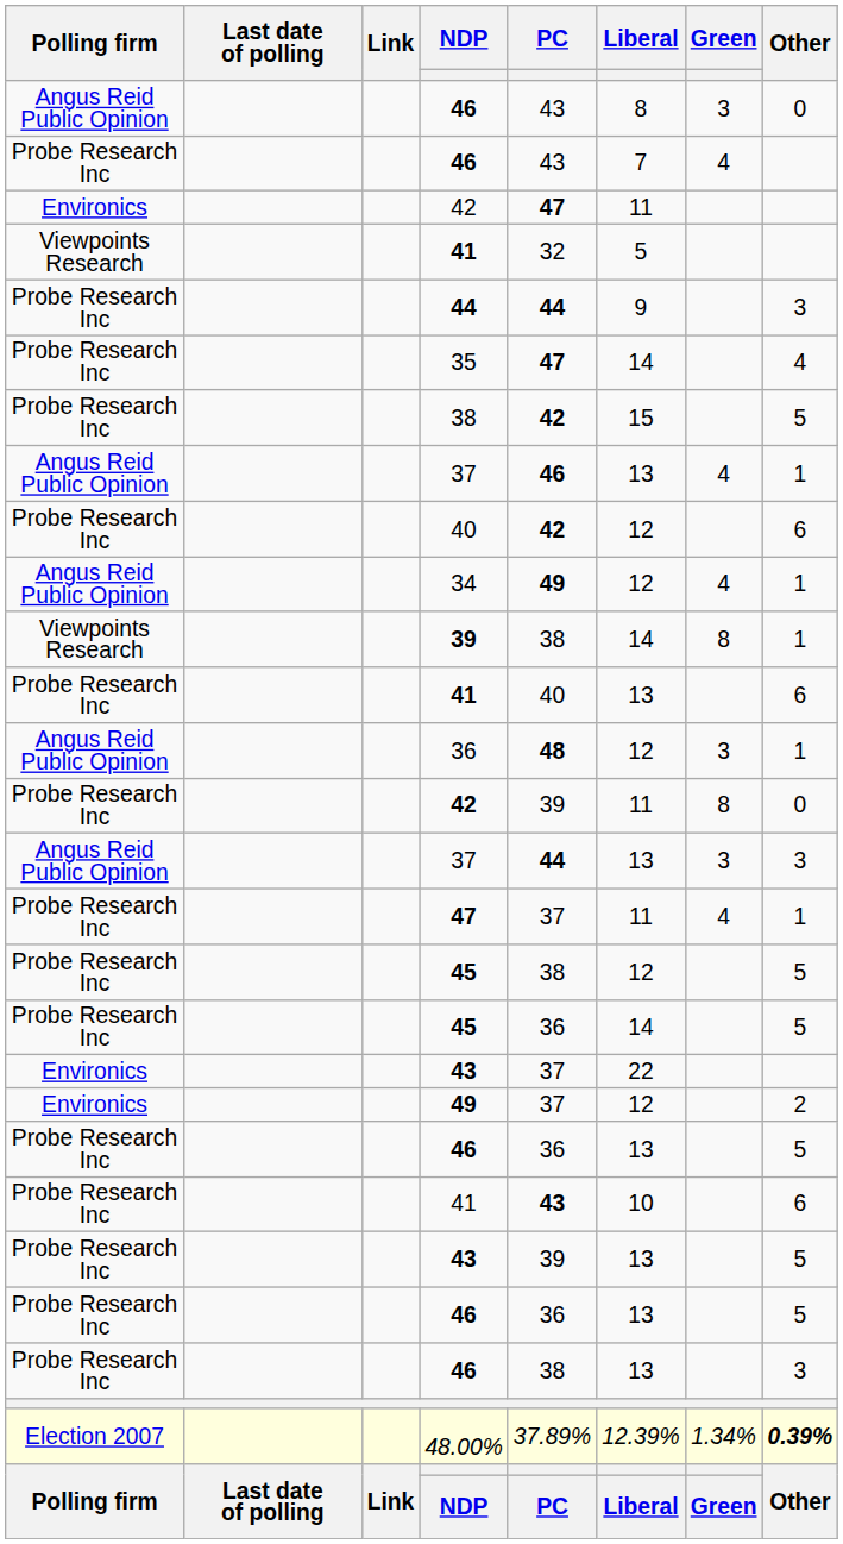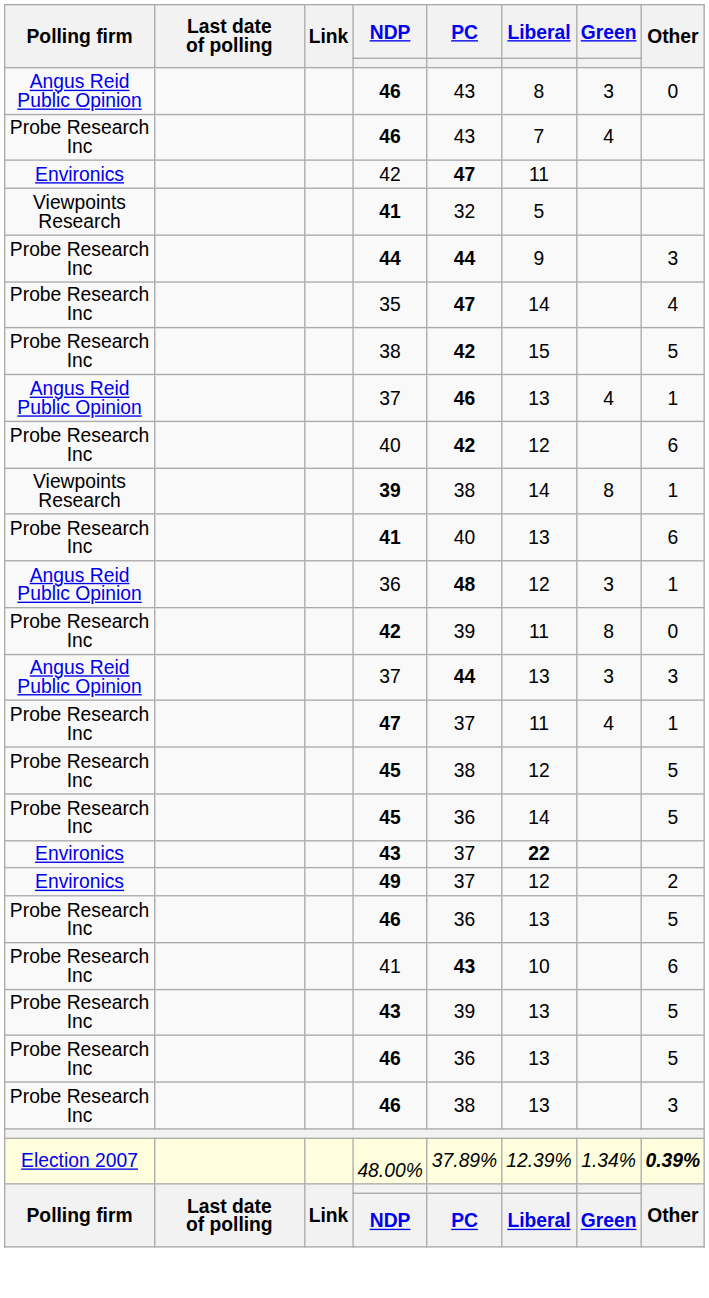 <table class="wikitable sortable tpl-blanktable" style="text-align:center;font-size:90%;line-height:14px">
 <tr style="height:40px;">
 <th style="width:105px" rowspan="2">Polling firm</th>
 <th style="width:105px" rowspan="2">Last date<br>of polling</th>
 <th sclass="unsortable" rowspan="2">Link</th>
 <th class="unsortable" style="width:40px"><a href='#'>NDP</a></th>
 <th class="unsortable" style="width:40px"><a href='#'>PC</a></th>
 <th class="unsortable" style="width:40px"><a href='#'>Liberal</a></th>
 <th class="unsortable" style="width:40px"><a href='#'>Green</a></th>
 <th rowspan="2" style="width:40px">Other</th>
 </tr>
 <tr>
 <th style="background:"></th>
 <th style="background:"></th>
 <th style="background:"></th>
 <th style="background:"></th>
 </tr>
 <tr>
 <td><a href='#'>Angus Reid Public Opinion</a></td>
 <td></td>
 <td></td>
 <td><strong>46</strong></td>
 <td>43</td>
 <td>8</td>
 <td>3</td>
 <td>0</td>
 </tr>
 <tr>
 <td>Probe Research Inc</td>
 <td></td>
 <td></td>
 <td><strong>46</strong></td>
 <td>43</td>
 <td>7</td>
 <td>4</td>
 <td></td>
 </tr>
 <tr>
 <td><a href='#'>Environics</a></td>
 <td></td>
 <td></td>
 <td>42</td>
 <td><strong>47</strong></td>
 <td>11</td>
 <td></td>
 <td></td>
 </tr>
 <tr>
 <td>Viewpoints Research</td>
 <td></td>
 <td></td>
 <td><strong>41</strong></td>
 <td>32</td>
 <td>5</td>
 <td></td>
 <td></td>
 </tr>
 <tr>
 <td>Probe Research Inc</td>
 <td></td>
 <td></td>
 <td><strong>44</strong></td>
 <td><strong>44</strong></td>
 <td>9</td>
 <td></td>
 <td>3</td>
 </tr>
 <tr>
 <td>Probe Research Inc</td>
 <td></td>
 <td></td>
 <td>35</td>
 <td><strong>47</strong></td>
 <td>14</td>
 <td></td>
 <td>4</td>
 </tr>
 <tr>
 <td>Probe Research Inc</td>
 <td></td>
 <td></td>
 <td>38</td>
 <td><strong>42</strong></td>
 <td>15</td>
 <td></td>
 <td>5</td>
 </tr>
 <tr>
 <td><a href='#'>Angus Reid Public Opinion</a></td>
 <td></td>
 <td></td>
 <td>37</td>
 <td><strong>46</strong></td>
 <td>13</td>
 <td>4</td>
 <td>1</td>
 </tr>
 <tr>
 <td>Probe Research Inc</td>
 <td></td>
 <td></td>
 <td>40</td>
 <td><strong>42</strong></td>
 <td>12</td>
 <td></td>
 <td>6</td>
 </tr>
 <tr>
-<td><a href='#'>Angus Reid Public Opinion</a></td>
-<td></td>
-<td></td>
-<td>34</td>
-<td><strong>49</strong></td>
-<td>12</td>
-<td>4</td>
-<td>1</td>
-</tr>
-<tr>
 <td>Viewpoints Research</td>
 <td></td>
 <td></td>
 <td><strong>39</strong></td>
 <td>38</td>
 <td>14</td>
 <td>8</td>
 <td>1</td>
 </tr>
 <tr>
 <td>Probe Research Inc</td>
 <td></td>
 <td></td>
 <td><strong>41</strong></td>
 <td>40</td>
 <td>13</td>
 <td></td>
 <td>6</td>
 </tr>
 <tr>
 <td><a href='#'>Angus Reid Public Opinion</a></td>
 <td></td>
 <td></td>
 <td>36</td>
 <td><strong>48</strong></td>
 <td>12</td>
 <td>3</td>
 <td>1</td>
 </tr>
 <tr>
 <td>Probe Research Inc</td>
 <td></td>
 <td></td>
 <td><strong>42</strong></td>
 <td>39</td>
 <td>11</td>
 <td>8</td>
 <td>0</td>
 </tr>
 <tr>
 <td><a href='#'>Angus Reid Public Opinion</a></td>
 <td></td>
 <td></td>
 <td>37</td>
 <td><strong>44</strong></td>
 <td>13</td>
 <td>3</td>
 <td>3</td>
 </tr>
 <tr>
 <td>Probe Research Inc</td>
 <td></td>
 <td></td>
 <td><strong>47</strong></td>
 <td>37</td>
 <td>11</td>
 <td>4</td>
 <td>1</td>
 </tr>
 <tr>
 <td>Probe Research Inc</td>
 <td></td>
 <td></td>
 <td><strong>45</strong></td>
 <td>38</td>
 <td>12</td>
 <td></td>
 <td>5</td>
 </tr>
 <tr>
 <td>Probe Research Inc</td>
 <td></td>
 <td></td>
 <td><strong>45</strong></td>
 <td>36</td>
 <td>14</td>
 <td></td>
 <td>5</td>
 </tr>
 <tr>
 <td><a href='#'>Environics</a></td>
 <td></td>
 <td></td>
 <td><strong>43</strong></td>
 <td>37</td>
-<td>22</td>
+<td><strong>22</strong></td>
 <td></td>
 <td></td>
 </tr>
 <tr>
 <td><a href='#'>Environics</a></td>
 <td></td>
 <td></td>
 <td><strong>49</strong></td>
 <td>37</td>
 <td>12</td>
 <td></td>
 <td>2</td>
 </tr>
 <tr>
 <td>Probe Research Inc</td>
 <td></td>
 <td></td>
 <td><strong>46</strong></td>
 <td>36</td>
 <td>13</td>
 <td></td>
 <td>5</td>
 </tr>
 <tr>
 <td>Probe Research Inc</td>
 <td></td>
 <td></td>
 <td>41</td>
 <td><strong>43</strong></td>
 <td>10</td>
 <td></td>
 <td>6</td>
 </tr>
 <tr>
 <td>Probe Research Inc</td>
 <td></td>
 <td></td>
 <td><strong>43</strong></td>
 <td>39</td>
 <td>13</td>
 <td></td>
 <td>5</td>
 </tr>
 <tr>
 <td>Probe Research Inc</td>
 <td></td>
 <td></td>
 <td><strong>46</strong></td>
 <td>36</td>
 <td>13</td>
 <td></td>
 <td>5</td>
 </tr>
 <tr>
 <td>Probe Research Inc</td>
 <td></td>
 <td></td>
 <td><strong>46</strong></td>
 <td>38</td>
 <td>13</td>
 <td></td>
 <td>3</td>
 </tr>
 <tr>
 <th colspan="8"></th>
 </tr>
 <tr style="background:#ffd;">
 <td><a href='#'>Election 2007</a></td>
 <td></td>
 <td></td>
 <td><br><em>48.00%</em></td>
 <td><em>37.89%</em></td>
 <td><em>12.39%</em></td>
 <td><em>1.34%</em></td>
 <td><strong><em>0.39%</em></strong></td>
 </tr>
 <tr>
 <th rowspan="2">Polling firm</th>
 <th rowspan="2">Last date<br>of polling</th>
 <th rowspan="2">Link</th>
 <th style="background:"></th>
 <th style="background:"></th>
 <th style="background:"></th>
 <th style="background:"></th>
 <th rowspan="2">Other</th>
 </tr>
 <tr style="height:40px;">
 <th><a href='#'>NDP</a></th>
 <th><a href='#'>PC</a></th>
 <th><a href='#'>Liberal</a></th>
 <th><a href='#'>Green</a></th>
 </tr>
 </table>
